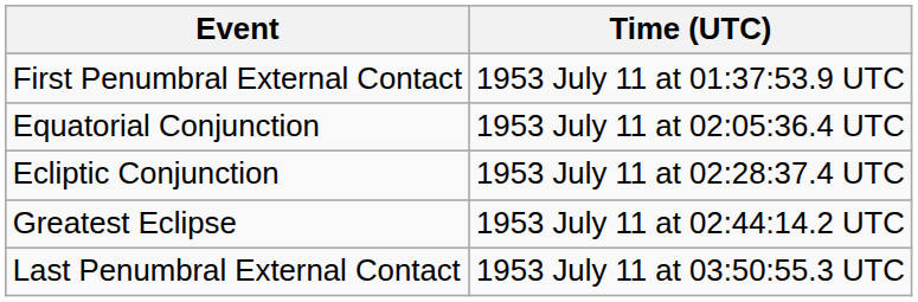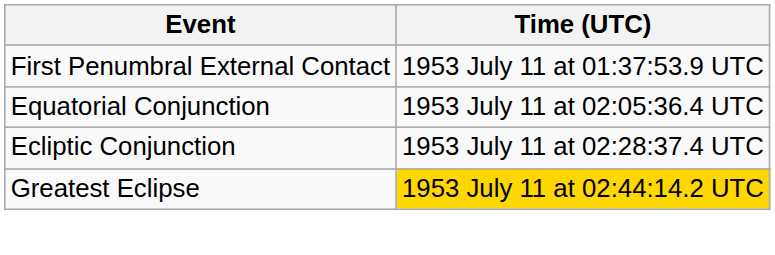 <table class="wikitable">
 <tr>
 <th>Event</th>
 <th>Time (UTC)</th>
 </tr>
 <tr>
 <td>First Penumbral External Contact</td>
 <td>1953 July 11 at 01:37:53.9 UTC</td>
 </tr>
 <tr>
 <td>Equatorial Conjunction</td>
 <td>1953 July 11 at 02:05:36.4 UTC</td>
 </tr>
 <tr>
 <td>Ecliptic Conjunction</td>
 <td>1953 July 11 at 02:28:37.4 UTC</td>
 </tr>
 <tr>
 <td>Greatest Eclipse</td>
-<td>1953 July 11 at 02:44:14.2 UTC</td>
-</tr>
-<tr>
-<td>Last Penumbral External Contact</td>
-<td>1953 July 11 at 03:50:55.3 UTC</td>
+<td style="background: gold;">1953 July 11 at 02:44:14.2 UTC</td>
 </tr>
 </table>
